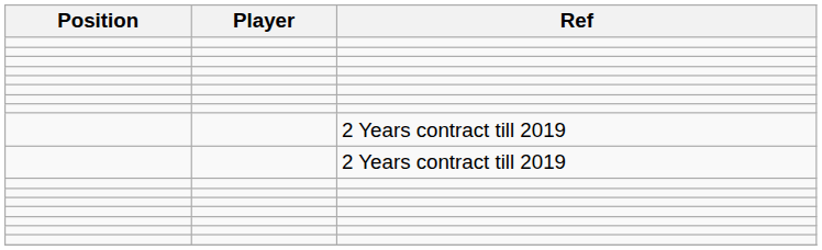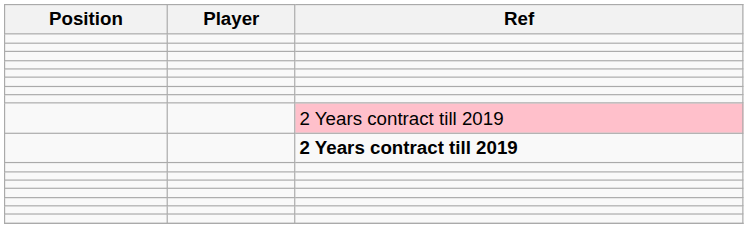 <table class="wikitable sortable" style="width:50%; text-align:center; font-size:100%; text-align:left;">
 <tr>
 <th><strong>Position</strong></th>
 <th><strong>Player</strong></th>
 <th><strong>Ref</strong></th>
 </tr>
 <tr>
 <td></td>
 <td></td>
 <td></td>
 </tr>
 <tr>
 <td></td>
 <td></td>
 <td></td>
 </tr>
 <tr>
 <td></td>
 <td></td>
 <td></td>
 </tr>
 <tr>
 <td></td>
 <td></td>
 <td></td>
 </tr>
 <tr>
 <td></td>
 <td></td>
 <td></td>
 </tr>
 <tr>
 <td></td>
 <td></td>
 <td></td>
 </tr>
 <tr>
 <td></td>
 <td></td>
 <td></td>
 </tr>
 <tr>
 <td></td>
 <td></td>
 <td></td>
 </tr>
 <tr>
 <td></td>
 <td></td>
-<td>2 Years contract till 2019 </td>
+<td style="background: pink;">2 Years contract till 2019 </td>
 </tr>
 <tr>
 <td></td>
 <td></td>
-<td>2 Years contract till 2019</td>
+<td><strong>2 Years contract till 2019</strong></td>
 </tr>
 <tr>
 <td></td>
 <td></td>
 <td></td>
 </tr>
 <tr>
 <td></td>
 <td></td>
 <td></td>
 </tr>
 <tr>
 <td></td>
 <td></td>
 <td></td>
 </tr>
 <tr>
 <td></td>
 <td></td>
 <td></td>
 </tr>
 <tr>
 <td></td>
 <td></td>
 <td></td>
 </tr>
 <tr>
 <td></td>
 <td></td>
 <td></td>
 </tr>
 <tr>
 <td></td>
 <td></td>
 <td></td>
 </tr>
 <tr>
 </tr>
 </table>
